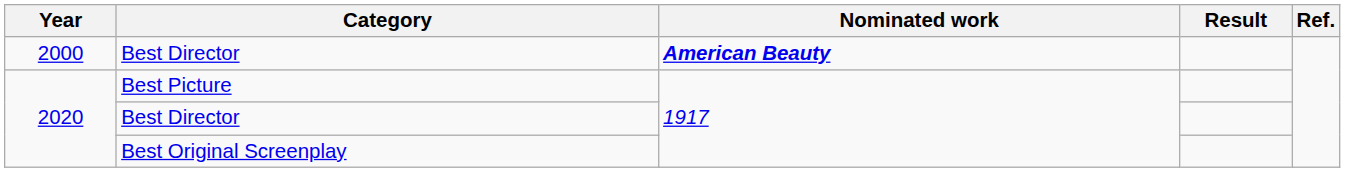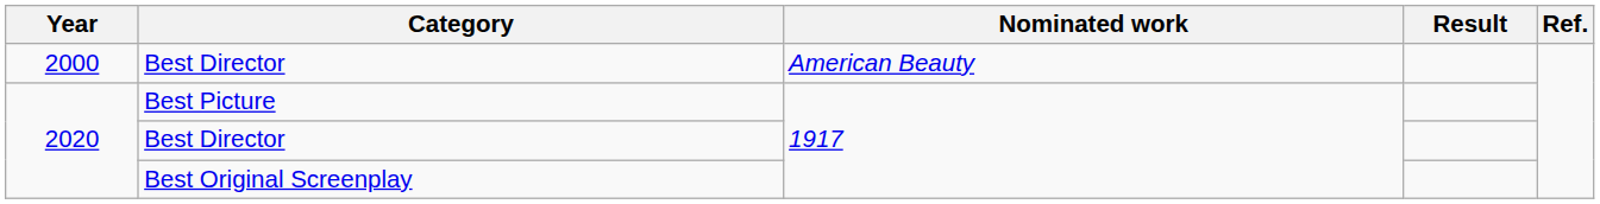 <table class=wikitable>
 <tr>
 <th scope="col" style="width:5em;">Year</th>
 <th scope="col" style="width:26em;">Category</th>
 <th scope="col" style="width:25em;">Nominated work</th>
 <th scope="col" style="width:5em;">Result</th>
 <th>Ref.</th>
 </tr>
 <tr>
 <td style="text-align:center;"><a href='#'>2000</a></td>
 <td><a href='#'>Best Director</a></td>
-<td><strong><em><a href='#'>American Beauty</a></em></strong></td>
+<td><em><a href='#'>American Beauty</a></em></td>
 <td></td>
 <td rowspan="4"></td>
 </tr>
 <tr>
 <td style="text-align:center;", rowspan="3"><a href='#'>2020</a></td>
 <td><a href='#'>Best Picture</a></td>
 <td rowspan="3"><em><a href='#'>1917</a></em></td>
 <td></td>
 </tr>
 <tr>
 <td><a href='#'>Best Director</a></td>
 <td></td>
 </tr>
 <tr>
 <td><a href='#'>Best Original Screenplay</a></td>
 <td></td>
 </tr>
 </table>
